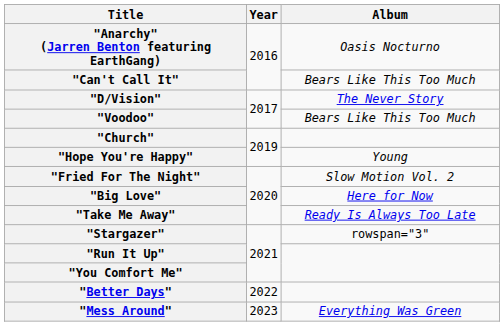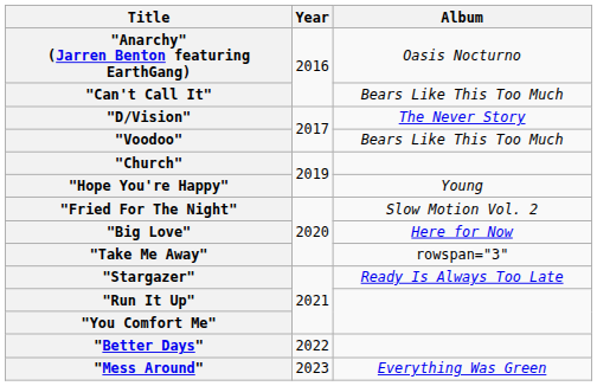 <table class="wikitable plainrowheaders" style="text-align:center;">
 <tr>
 <th scope="col" rowspan="1" style="width:20em;">Title</th>
 <th scope="col" rowspan="1" style="width:1em;">Year</th>
 <th scope="col" rowspan="1" style="width:18em;">Album</th>
 </tr>
 <tr>
 <th scope="row">"Anarchy"<br><span>(<a href='#'>Jarren Benton</a> featuring EarthGang)</span></th>
 <td rowspan="2">2016</td>
 <td><em>Oasis Nocturno</em></td>
 </tr>
 <tr>
 <th scope="row">"Can't Call It"<br></th>
 <td><em>Bears Like This Too Much</em></td>
 </tr>
 <tr>
 <th scope="row">"D/Vision"<br></th>
 <td rowspan="2">2017</td>
 <td><em><a href='#'>The Never Story</a></em></td>
 </tr>
 <tr>
 <th scope="row">"Voodoo"<br></th>
 <td><em>Bears Like This Too Much</em></td>
 </tr>
 <tr>
 <th scope="row">"Church"<br></th>
 <td rowspan="2">2019</td>
 <td></td>
 </tr>
 <tr>
 <th scope="row">"Hope You're Happy"<br></th>
 <td><em>Young</em></td>
 </tr>
 <tr>
 <th scope="row">"Fried For The Night"<br></th>
 <td rowspan="3">2020</td>
 <td><em>Slow Motion Vol. 2</em></td>
 </tr>
 <tr>
 <th scope="row">"Big Love"<br></th>
 <td><em><a href='#'>Here for Now</a></em></td>
 </tr>
 <tr>
 <th scope="row">"Take Me Away"<br></th>
-<td><em><a href='#'>Ready Is Always Too Late</a></em></td>
+<td>rowspan="3" </td>
 </tr>
 <tr>
 <th scope="row">"Stargazer"<br></th>
 <td rowspan="3">2021</td>
-<td>rowspan="3" </td>
+<td><em><a href='#'>Ready Is Always Too Late</a></em></td>
 </tr>
 <tr>
 <th scope="row">"Run It Up"<br></th>
 </tr>
 <tr>
 <th scope="row">"You Comfort Me"<br></th>
 </tr>
 <tr>
 <th scope="row">"<a href='#'>Better Days</a>"<br></th>
 <td>2022</td>
 <td></td>
 </tr>
 <tr>
 <th scope="row">"<a href='#'>Mess Around</a>"<br></th>
 <td>2023</td>
 <td><em><a href='#'>Everything Was Green</a></td>
 </tr>
 </table>
